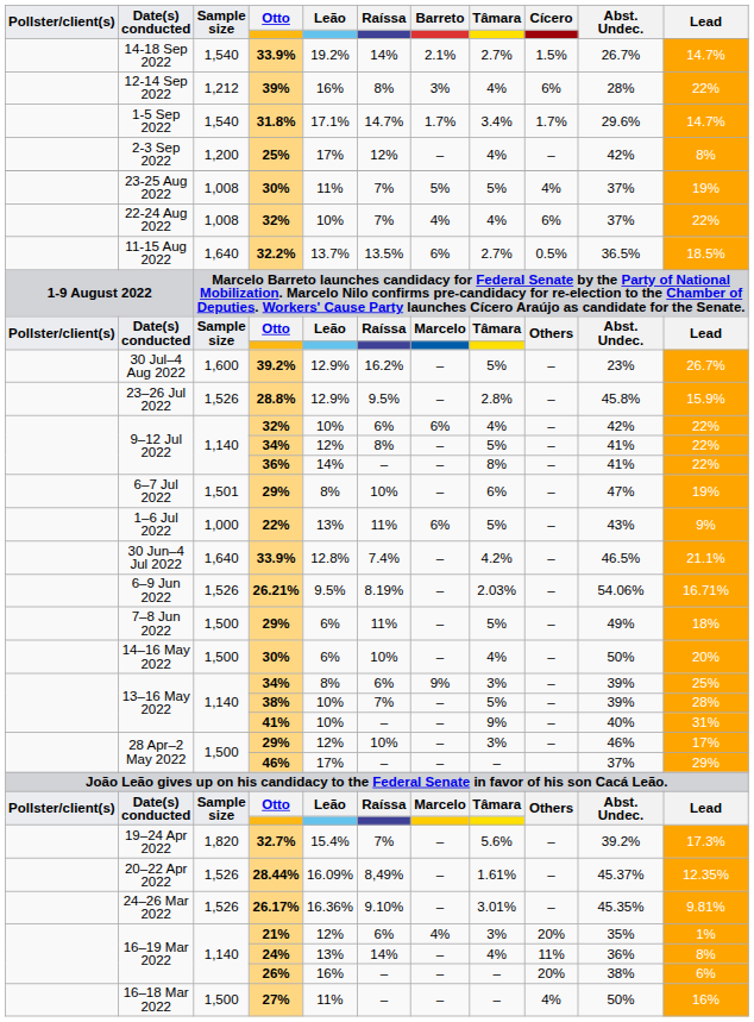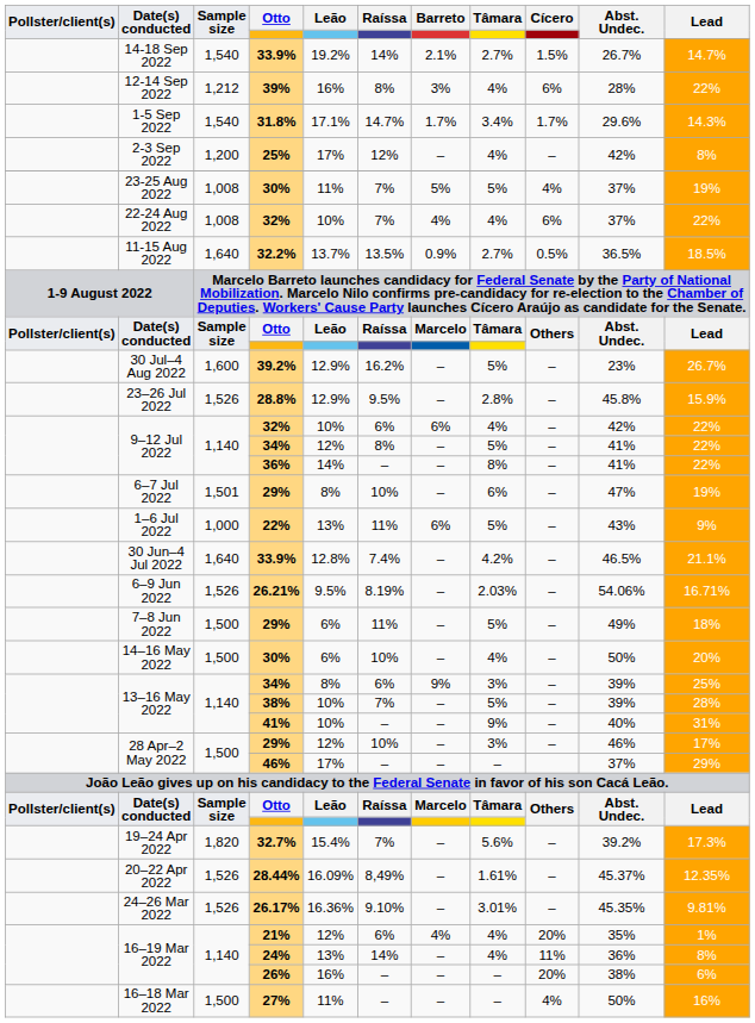 <table class="wikitable sortable" style="text-align:center;font-size:90%;line-height:14px;">
 <tr>
 <td rowspan="2" class="unsortable" style="width:50px;background:#eaecf0;"><strong>Pollster/client(s)</strong></td>
 <td rowspan="2" class="unsortable" style="width:50px;background:#eaecf0;"><strong>Date(s) <br>conducted</strong></td>
 <td rowspan="2" class="unsortable" style="width:50px;background:#eaecf0;"><strong>Sample <br>size</strong></td>
 <th class="unsortable" style="width:50px;"><a href='#'>Otto</a><br></th>
 <th class="unsortable" style="width:50px;"><strong>Leão</strong><br></th>
 <th class="unsortable" style="width:50px;"><strong>Raíssa</strong><br></th>
 <th class="unsortable" style="width:50px;"><strong>Barreto</strong><br></th>
 <th class="unsortable" style="width:50px;"><strong>Tâmara</strong><br></th>
 <th class="unsortable" style="width:50px;">Cícero<br></th>
 <th rowspan="2" class="unsortable">Abst. <br>Undec.</th>
 <th rowspan="2" data-sort-type="number">Lead</th>
 </tr>
 <tr>
 <th data-sort-type="number" class="sortable" style="background:#fdb813;"></th>
 <th data-sort-type="number" class="sortable" style="background:#64C3ED;"></th>
 <th data-sort-type="number" class="sortable" style="background:#3F4196;"></th>
 <th data-sort-type="number" class="sortable" style="background:#DD3333;"></th>
 <th data-sort-type="number" class="sortable" style="background:#FFE000;"></th>
 <th data-sort-type="number" class="sortable" style="background:#9F030A;"></th>
 </tr>
 <tr>
 <td></td>
 <td>14-18 Sep 2022</td>
 <td>1,540</td>
 <td style="background:#ffd782"><strong>33.9%</strong></td>
 <td>19.2%</td>
 <td>14%</td>
 <td>2.1%</td>
 <td>2.7%</td>
 <td>1.5%</td>
 <td>26.7%</td>
 <td style="background:#FFA500;color:#FFFFFF">14.7%</td>
 </tr>
 <tr>
 <td></td>
 <td>12-14 Sep 2022</td>
 <td>1,212</td>
 <td style="background:#ffd782"><strong>39%</strong></td>
 <td>16%</td>
 <td>8%</td>
 <td>3%</td>
 <td>4%</td>
 <td>6%</td>
 <td>28%</td>
 <td style="background:#FFA500;color:#FFFFFF">22%</td>
 </tr>
 <tr>
 <td></td>
 <td>1-5 Sep 2022</td>
 <td>1,540</td>
 <td style="background:#ffd782"><strong>31.8%</strong></td>
 <td>17.1%</td>
 <td>14.7%</td>
 <td>1.7%</td>
 <td>3.4%</td>
 <td>1.7%</td>
 <td>29.6%</td>
-<td style="background:#FFA500;color:#FFFFFF">14.7%</td>
+<td style="background:#FFA500;color:#FFFFFF">14.3%</td>
 </tr>
 <tr>
 <td><br></td>
 <td>2-3 Sep 2022</td>
 <td>1,200</td>
 <td style="background:#ffd782"><strong>25%</strong></td>
 <td>17%</td>
 <td>12%</td>
 <td>–</td>
 <td>4%</td>
 <td>–</td>
 <td>42%</td>
 <td style="background:#FFA500;color:#FFFFFF">8%</td>
 </tr>
 <tr>
 </tr>
 <tr>
 <td></td>
 <td>23-25 Aug 2022</td>
 <td>1,008</td>
 <td style="background:#ffd782"><strong>30%</strong></td>
 <td>11%</td>
 <td>7%</td>
 <td>5%</td>
 <td>5%</td>
 <td>4%</td>
 <td>37%</td>
 <td style="background:#FFA500;color:#FFFFFF">19%</td>
 </tr>
 <tr>
 <td></td>
 <td>22-24 Aug 2022</td>
 <td>1,008</td>
 <td style="background:#ffd782"><strong>32%</strong></td>
 <td>10%</td>
 <td>7%</td>
 <td>4%</td>
 <td>4%</td>
 <td>6%</td>
 <td>37%</td>
 <td style="background:#FFA500;color:#FFFFFF">22%</td>
 </tr>
 <tr>
 <td></td>
 <td>11-15 Aug 2022</td>
 <td>1,640</td>
 <td style="background:#ffd782"><strong>32.2%</strong></td>
 <td>13.7%</td>
 <td>13.5%</td>
-<td>6%</td>
+<td>0.9%</td>
 <td>2.7%</td>
 <td>0.5%</td>
 <td>36.5%</td>
 <td style="background:#FFA500;color:#FFFFFF">18.5%</td>
 </tr>
 <tr>
 <th colspan="2" style="background:#d1d3d7;">1-9 August 2022</th>
 <th colspan="9" style="background:#d1d3d7;">Marcelo Barreto launches candidacy for <a href='#'>Federal Senate</a> by the <a href='#'>Party of National<br>Mobilization</a>. Marcelo Nilo confirms pre-candidacy for re-election to the <a href='#'>Chamber of<br> Deputies</a>. <a href='#'>Workers' Cause Party</a> launches Cícero Araújo as candidate for the Senate.</th>
 </tr>
 <tr>
 <td rowspan="2" class="unsortable" style="width:50px;background:#eaecf0;"><strong>Pollster/client(s)</strong></td>
 <td rowspan="2" class="unsortable" style="width:50px;background:#eaecf0;"><strong>Date(s) <br>conducted</strong></td>
 <td rowspan="2" class="unsortable" style="width:50px;background:#eaecf0;"><strong>Sample <br>size</strong></td>
 <th class="unsortable" style="width:50px;"><a href='#'>Otto</a><br></th>
 <th class="unsortable" style="width:50px;"><strong>Leão</strong><br></th>
 <th class="unsortable" style="width:50px;"><strong>Raíssa</strong><br></th>
 <th class="unsortable" style="width:50px;"><strong>Marcelo</strong><br></th>
 <th class="unsortable" style="width:50px;"><strong>Tâmara</strong><br></th>
 <th rowspan="2" class="unsortable">Others</th>
 <th rowspan="2" class="unsortable">Abst. <br>Undec.</th>
 <th rowspan="2" data-sort-type="number">Lead</th>
 </tr>
 <tr>
 <th class="sortable" data-sort-type="number" style="background:#fdb813;"></th>
 <th class="sortable" data-sort-type="number" style="background:#64C3ED;"></th>
 <th class="sortable" data-sort-type="number" style="background:#3F4196;"></th>
 <th class="sortable" data-sort-type="number" style="background:#005daa;"></th>
 <th class="sortable" data-sort-type="number" style="background:#FFE000;"></th>
 </tr>
 <tr>
 <td></td>
 <td>30 Jul–4 Aug 2022</td>
 <td>1,600</td>
 <td style="background:#ffd782"><strong>39.2%</strong></td>
 <td>12.9%</td>
 <td>16.2%</td>
 <td>–</td>
 <td>5%</td>
 <td>–</td>
 <td>23%</td>
 <td style="background:#FFA500;color:#FFFFFF">26.7%</td>
 </tr>
 <tr>
 <td></td>
 <td>23–26 Jul 2022</td>
 <td>1,526</td>
 <td style="background:#ffd782"><strong>28.8%</strong></td>
 <td>12.9%</td>
 <td>9.5%</td>
 <td>–</td>
 <td>2.8%</td>
 <td>–</td>
 <td>45.8%</td>
 <td style="background:#FFA500;color:#FFFFFF">15.9%</td>
 </tr>
 <tr>
 <td rowspan="3"></td>
 <td rowspan="3">9–12 Jul 2022</td>
 <td rowspan="3">1,140</td>
 <td style="background:#ffd782"><strong>32%</strong></td>
 <td>10%</td>
 <td>6%</td>
 <td>6%</td>
 <td>4%</td>
 <td>–</td>
 <td>42%</td>
 <td style="background:#FFA500;color:#FFFFFF">22%</td>
 </tr>
 <tr>
 <td style="background:#ffd782"><strong>34%</strong></td>
 <td>12%</td>
 <td>8%</td>
 <td>–</td>
 <td>5%</td>
 <td>–</td>
 <td>41%</td>
 <td style="background:#FFA500;color:#FFFFFF">22%</td>
 </tr>
 <tr>
 <td style="background:#ffd782"><strong>36%</strong></td>
 <td>14%</td>
 <td>–</td>
 <td>–</td>
 <td>8%</td>
 <td>–</td>
 <td>41%</td>
 <td style="background:#FFA500;color:#FFFFFF">22%</td>
 </tr>
 <tr>
 <td></td>
 <td>6–7 Jul 2022</td>
 <td>1,501</td>
 <td style="background:#ffd782"><strong>29%</strong></td>
 <td>8%</td>
 <td>10%</td>
 <td>–</td>
 <td>6%</td>
 <td>–</td>
 <td>47%</td>
 <td style="background:#FFA500;color:#FFFFFF">19%</td>
 </tr>
 <tr>
 <td></td>
 <td>1–6 Jul 2022</td>
 <td>1,000</td>
 <td style="background:#ffd782"><strong>22%</strong></td>
 <td>13%</td>
 <td>11%</td>
 <td>6%</td>
 <td>5%</td>
 <td>–</td>
 <td>43%</td>
 <td style="background:#FFA500;color:#FFFFFF">9%</td>
 </tr>
 <tr>
 <td></td>
 <td>30 Jun–4 Jul 2022</td>
 <td>1,640</td>
 <td style="background:#ffd782"><strong>33.9%</strong></td>
 <td>12.8%</td>
 <td>7.4%</td>
 <td>–</td>
 <td>4.2%</td>
 <td>–</td>
 <td>46.5%</td>
 <td style="background:#FFA500;color:#FFFFFF">21.1%</td>
 </tr>
 <tr>
 <td></td>
 <td>6–9 Jun 2022</td>
 <td>1,526</td>
 <td style="background:#ffd782"><strong>26.21%</strong></td>
 <td>9.5%</td>
 <td>8.19%</td>
 <td>–</td>
 <td>2.03%</td>
 <td>–</td>
 <td>54.06%</td>
 <td style="background:#FFA500;color:#FFFFFF">16.71%</td>
 </tr>
 <tr>
 <td></td>
 <td>7–8 Jun 2022</td>
 <td>1,500</td>
 <td style="background:#ffd782"><strong>29%</strong></td>
 <td>6%</td>
 <td>11%</td>
 <td>–</td>
 <td>5%</td>
 <td>–</td>
 <td>49%</td>
 <td style="background:#FFA500;color:#FFFFFF">18%</td>
 </tr>
 <tr>
 <td></td>
 <td>14–16 May 2022</td>
 <td>1,500</td>
 <td style="background:#ffd782"><strong>30%</strong></td>
 <td>6%</td>
 <td>10%</td>
 <td>–</td>
 <td>4%</td>
 <td>–</td>
 <td>50%</td>
 <td style="background:#FFA500;color:#FFFFFF">20%</td>
 </tr>
 <tr>
 <td rowspan="3"></td>
 <td rowspan="3">13–16 May 2022</td>
 <td rowspan="3">1,140</td>
 <td style="background:#ffd782"><strong>34%</strong></td>
 <td>8%</td>
 <td>6%</td>
 <td>9%</td>
 <td>3%</td>
 <td>–</td>
 <td>39%</td>
 <td style="background:#FFA500;color:#FFFFFF">25%</td>
 </tr>
 <tr>
 <td style="background:#ffd782"><strong>38%</strong></td>
 <td>10%</td>
 <td>7%</td>
 <td>–</td>
 <td>5%</td>
 <td>–</td>
 <td>39%</td>
 <td style="background:#FFA500;color:#FFFFFF">28%</td>
 </tr>
 <tr>
 <td style="background:#ffd782"><strong>41%</strong></td>
 <td>10%</td>
 <td>–</td>
 <td>–</td>
 <td>9%</td>
 <td>–</td>
 <td>40%</td>
 <td style="background:#FFA500;color:#FFFFFF">31%</td>
 </tr>
 <tr>
 <td rowspan="2"></td>
 <td rowspan="2">28 Apr–2 May 2022</td>
 <td rowspan="2">1,500</td>
 <td style="background:#ffd782"><strong>29%</strong></td>
 <td>12%</td>
 <td>10%</td>
 <td>–</td>
 <td>3%</td>
 <td>–</td>
 <td>46%</td>
 <td style="background:#FFA500;color:#FFFFFF">17%</td>
 </tr>
 <tr>
 <td style="background:#ffd782"><strong>46%</strong></td>
 <td>17%</td>
 <td>–</td>
 <td>–</td>
 <td>–</td>
 <td></td>
 <td>37%</td>
 <td style="background:#FFA500;color:#FFFFFF">29%</td>
 </tr>
 <tr>
 <td colspan="11" style="background:#d1d3d7"><strong>João Leão gives up on his candidacy to the <a href='#'>Federal Senate</a> in favor of his son Cacá Leão.</strong></td>
 </tr>
 <tr>
 <td rowspan="2" class="unsortable" style="width:50px;background:#eaecf0;"><strong>Pollster/client(s)</strong></td>
 <td rowspan="2" class="unsortable" style="width:50px;background:#eaecf0;"><strong>Date(s) <br>conducted</strong></td>
 <td rowspan="2" class="unsortable" style="width:50px;background:#eaecf0;"><strong>Sample <br>size</strong></td>
 <th class="unsortable" style="width:50px;"><a href='#'>Otto</a><br></th>
 <th class="unsortable" style="width:50px;"><strong>Leão</strong><br></th>
 <th class="unsortable" style="width:50px;"><strong>Raíssa</strong><br></th>
 <th class="unsortable" style="width:50px;"><strong>Marcelo</strong><br></th>
 <th class="unsortable" style="width:50px;"><strong>Tâmara</strong><br></th>
 <th rowspan="2" class="unsortable">Others</th>
 <th rowspan="2" class="unsortable">Abst. <br>Undec.</th>
 <th rowspan="2" data-sort-type="number">Lead</th>
 </tr>
 <tr>
 <th class="sortable" data-sort-type="number" style="background:#fdb813;"></th>
 <th class="sortable" data-sort-type="number" style="background:#64C3ED;"></th>
 <th class="sortable" data-sort-type="number" style="background:#3F4196;"></th>
 <th class="sortable" data-sort-type="number" style="background:#ffcc00;"></th>
 <th class="sortable" data-sort-type="number" style="background:#FFE000;"></th>
 </tr>
 <tr>
 <td></td>
 <td>19–24 Apr 2022</td>
 <td>1,820</td>
 <td style="background:#ffd782"><strong>32.7%</strong></td>
 <td>15.4%</td>
 <td>7%</td>
 <td>–</td>
 <td>5.6%</td>
 <td>–</td>
 <td>39.2%</td>
 <td style="background:#FFA500;color:#FFFFFF">17.3%</td>
 </tr>
 <tr>
 <td></td>
 <td>20–22 Apr 2022</td>
 <td>1,526</td>
 <td style="background:#ffd782"><strong>28.44%</strong></td>
 <td>16.09%</td>
 <td>8,49%</td>
 <td>–</td>
 <td>1.61%</td>
 <td>–</td>
 <td>45.37%</td>
 <td style="background:#FFA500;color:#FFFFFF">12.35%</td>
 </tr>
 <tr>
 <td></td>
 <td>24–26 Mar 2022</td>
 <td>1,526</td>
 <td style="background:#ffd782"><strong>26.17%</strong></td>
 <td>16.36%</td>
 <td>9.10%</td>
 <td>–</td>
 <td>3.01%</td>
 <td>–</td>
 <td>45.35%</td>
 <td style="background:#FFA500;color:#FFFFFF">9.81%</td>
 </tr>
 <tr>
 <td rowspan="3"></td>
 <td rowspan="3">16–19 Mar 2022</td>
 <td rowspan="3">1,140</td>
 <td style="background:#ffd782"><strong>21%</strong></td>
 <td>12%</td>
 <td>6%</td>
 <td>4%</td>
-<td>3%</td>
+<td>4%</td>
 <td>20%</td>
 <td>35%</td>
 <td style="background:#FFA500;color:#FFFFFF">1%</td>
 </tr>
 <tr>
 <td style="background:#ffd782"><strong>24%</strong></td>
 <td>13%</td>
 <td>14%</td>
 <td>–</td>
 <td>4%</td>
 <td>11%</td>
 <td>36%</td>
 <td style="background:#FFA500;color:#FFFFFF">8%</td>
 </tr>
 <tr>
 <td style="background:#ffd782"><strong>26%</strong></td>
 <td>16%</td>
 <td>–</td>
 <td>–</td>
 <td>–</td>
 <td>20%</td>
 <td>38%</td>
 <td style="background:#FFA500;color:#FFFFFF">6%</td>
 </tr>
 <tr>
 <td rowspan="1"></td>
 <td rowspan="1">16–18 Mar 2022</td>
 <td rowspan="1">1,500</td>
 <td style="background:#ffd782"><strong>27%</strong></td>
 <td>11%</td>
 <td>–</td>
 <td>–</td>
 <td>–</td>
 <td>4%</td>
 <td>50%</td>
 <td style="background:#FFA500;color:#FFFFFF">16%</td>
 </tr>
 </table>
